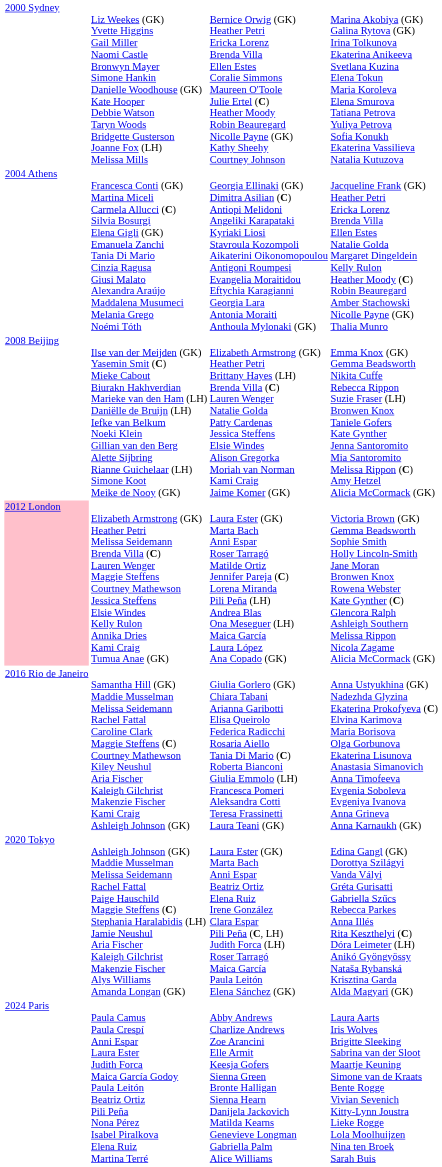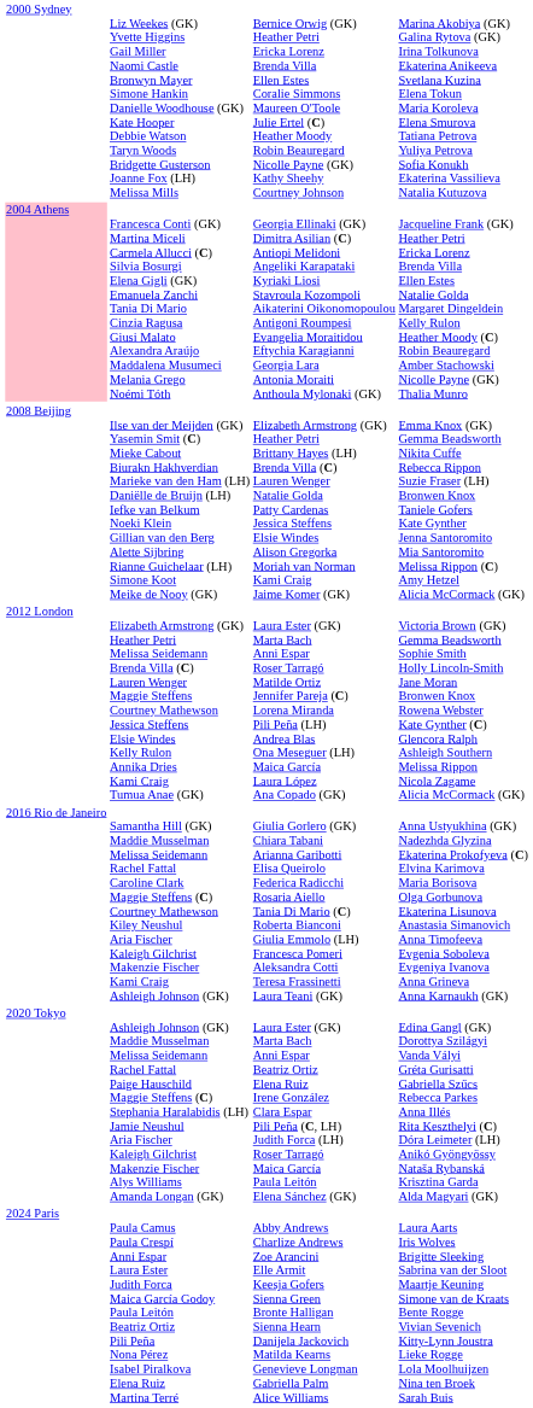 <table>
 <tr valign="top">
 <td><a href='#'>2000 Sydney</a><br></td>
 <td><br><a href='#'>Liz Weekes</a> (GK)<br><a href='#'>Yvette Higgins</a><br><a href='#'>Gail Miller</a><br><a href='#'>Naomi Castle</a><br><a href='#'>Bronwyn Mayer</a><br><a href='#'>Simone Hankin</a><br><a href='#'>Danielle Woodhouse</a> (GK)<br><a href='#'>Kate Hooper</a><br><a href='#'>Debbie Watson</a><br><a href='#'>Taryn Woods</a><br><a href='#'>Bridgette Gusterson</a><br><a href='#'>Joanne Fox</a> (LH)<br><a href='#'>Melissa Mills</a></td>
 <td><br><a href='#'>Bernice Orwig</a> (GK)<br><a href='#'>Heather Petri</a><br><a href='#'>Ericka Lorenz</a><br><a href='#'>Brenda Villa</a><br><a href='#'>Ellen Estes</a><br><a href='#'>Coralie Simmons</a><br><a href='#'>Maureen O'Toole</a><br><a href='#'>Julie Ertel</a> (<strong>C</strong>)<br><a href='#'>Heather Moody</a><br><a href='#'>Robin Beauregard</a><br><a href='#'>Nicolle Payne</a> (GK)<br><a href='#'>Kathy Sheehy</a><br><a href='#'>Courtney Johnson</a></td>
 <td><br><a href='#'>Marina Akobiya</a> (GK)<br><a href='#'>Galina Rytova</a> (GK)<br><a href='#'>Irina Tolkunova</a><br><a href='#'>Ekaterina Anikeeva</a><br><a href='#'>Svetlana Kuzina</a><br><a href='#'>Elena Tokun</a><br><a href='#'>Maria Koroleva</a><br><a href='#'>Elena Smurova</a><br><a href='#'>Tatiana Petrova</a><br><a href='#'>Yuliya Petrova</a><br><a href='#'>Sofia Konukh</a><br><a href='#'>Ekaterina Vassilieva</a><br><a href='#'>Natalia Kutuzova</a></td>
 </tr>
 <tr valign="top">
-<td><a href='#'>2004 Athens</a><br></td>
+<td style="background: pink;"><a href='#'>2004 Athens</a><br></td>
 <td><br><a href='#'>Francesca Conti</a> (GK)<br><a href='#'>Martina Miceli</a><br><a href='#'>Carmela Allucci</a> (<strong>C</strong>)<br><a href='#'>Silvia Bosurgi</a><br><a href='#'>Elena Gigli</a> (GK)<br><a href='#'>Emanuela Zanchi</a><br><a href='#'>Tania Di Mario</a><br><a href='#'>Cinzia Ragusa</a><br><a href='#'>Giusi Malato</a><br><a href='#'>Alexandra Araújo</a><br><a href='#'>Maddalena Musumeci</a><br><a href='#'>Melania Grego</a><br><a href='#'>Noémi Tóth</a></td>
 <td><br><a href='#'>Georgia Ellinaki</a> (GK)<br><a href='#'>Dimitra Asilian</a> (<strong>C</strong>)<br><a href='#'>Antiopi Melidoni</a><br><a href='#'>Angeliki Karapataki</a><br><a href='#'>Kyriaki Liosi</a><br><a href='#'>Stavroula Kozompoli</a><br><a href='#'>Aikaterini Oikonomopoulou</a><br><a href='#'>Antigoni Roumpesi</a><br><a href='#'>Evangelia Moraitidou</a><br><a href='#'>Eftychia Karagianni</a><br><a href='#'>Georgia Lara</a><br><a href='#'>Antonia Moraiti</a><br><a href='#'>Anthoula Mylonaki</a> (GK)</td>
 <td><br><a href='#'>Jacqueline Frank</a> (GK)<br><a href='#'>Heather Petri</a><br><a href='#'>Ericka Lorenz</a><br><a href='#'>Brenda Villa</a><br><a href='#'>Ellen Estes</a><br><a href='#'>Natalie Golda</a><br><a href='#'>Margaret Dingeldein</a><br><a href='#'>Kelly Rulon</a><br><a href='#'>Heather Moody</a> (<strong>C</strong>)<br><a href='#'>Robin Beauregard</a><br><a href='#'>Amber Stachowski</a><br><a href='#'>Nicolle Payne</a> (GK)<br><a href='#'>Thalia Munro</a></td>
 </tr>
 <tr valign="top">
 <td><a href='#'>2008 Beijing</a><br></td>
 <td valign=top><br><a href='#'>Ilse van der Meijden</a> (GK)<br><a href='#'>Yasemin Smit</a> (<strong>C</strong>)<br><a href='#'>Mieke Cabout</a><br><a href='#'>Biurakn Hakhverdian</a><br><a href='#'>Marieke van den Ham</a> (LH)<br><a href='#'>Daniëlle de Bruijn</a> (LH)<br><a href='#'>Iefke van Belkum</a><br><a href='#'>Noeki Klein</a><br><a href='#'>Gillian van den Berg</a><br><a href='#'>Alette Sijbring</a><br><a href='#'>Rianne Guichelaar</a> (LH)<br><a href='#'>Simone Koot</a><br><a href='#'>Meike de Nooy</a> (GK)</td>
 <td><br><a href='#'>Elizabeth Armstrong</a> (GK)<br><a href='#'>Heather Petri</a><br><a href='#'>Brittany Hayes</a> (LH)<br><a href='#'>Brenda Villa</a> (<strong>C</strong>)<br><a href='#'>Lauren Wenger</a><br><a href='#'>Natalie Golda</a><br><a href='#'>Patty Cardenas</a><br><a href='#'>Jessica Steffens</a><br><a href='#'>Elsie Windes</a><br><a href='#'>Alison Gregorka</a><br><a href='#'>Moriah van Norman</a><br><a href='#'>Kami Craig</a><br><a href='#'>Jaime Komer</a> (GK)</td>
 <td><br><a href='#'>Emma Knox</a> (GK)<br><a href='#'>Gemma Beadsworth</a><br><a href='#'>Nikita Cuffe</a><br><a href='#'>Rebecca Rippon</a><br><a href='#'>Suzie Fraser</a> (LH)<br><a href='#'>Bronwen Knox</a><br><a href='#'>Taniele Gofers</a><br><a href='#'>Kate Gynther</a><br><a href='#'>Jenna Santoromito</a><br><a href='#'>Mia Santoromito</a><br><a href='#'>Melissa Rippon</a> (<strong>C</strong>)<br><a href='#'>Amy Hetzel</a><br><a href='#'>Alicia McCormack</a> (GK)</td>
 </tr>
 <tr valign="top">
-<td style="background: pink;"><a href='#'>2012 London</a><br></td>
+<td><a href='#'>2012 London</a><br></td>
 <td><br><a href='#'>Elizabeth Armstrong</a> (GK)<br><a href='#'>Heather Petri</a><br><a href='#'>Melissa Seidemann</a><br><a href='#'>Brenda Villa</a> (<strong>C</strong>)<br><a href='#'>Lauren Wenger</a><br><a href='#'>Maggie Steffens</a><br><a href='#'>Courtney Mathewson</a><br><a href='#'>Jessica Steffens</a><br><a href='#'>Elsie Windes</a><br><a href='#'>Kelly Rulon</a><br><a href='#'>Annika Dries</a><br><a href='#'>Kami Craig</a><br><a href='#'>Tumua Anae</a> (GK)</td>
 <td><br><a href='#'>Laura Ester</a> (GK)<br><a href='#'>Marta Bach</a><br><a href='#'>Anni Espar</a><br><a href='#'>Roser Tarragó</a><br><a href='#'>Matilde Ortiz</a><br><a href='#'>Jennifer Pareja</a> (<strong>C</strong>)<br><a href='#'>Lorena Miranda</a><br><a href='#'>Pili Peña</a> (LH)<br><a href='#'>Andrea Blas</a><br><a href='#'>Ona Meseguer</a> (LH)<br><a href='#'>Maica García</a><br><a href='#'>Laura López</a><br><a href='#'>Ana Copado</a> (GK)</td>
 <td><br><a href='#'>Victoria Brown</a> (GK)<br><a href='#'>Gemma Beadsworth</a><br><a href='#'>Sophie Smith</a><br><a href='#'>Holly Lincoln-Smith</a><br><a href='#'>Jane Moran</a><br><a href='#'>Bronwen Knox</a><br><a href='#'>Rowena Webster</a><br><a href='#'>Kate Gynther</a> (<strong>C</strong>)<br><a href='#'>Glencora Ralph</a><br><a href='#'>Ashleigh Southern</a><br><a href='#'>Melissa Rippon</a><br><a href='#'>Nicola Zagame</a><br><a href='#'>Alicia McCormack</a> (GK)</td>
 </tr>
 <tr valign="top">
 <td><a href='#'>2016 Rio de Janeiro</a><br></td>
 <td><br><a href='#'>Samantha Hill</a> (GK)<br><a href='#'>Maddie Musselman</a><br><a href='#'>Melissa Seidemann</a><br><a href='#'>Rachel Fattal</a><br><a href='#'>Caroline Clark</a><br><a href='#'>Maggie Steffens</a> (<strong>C</strong>)<br><a href='#'>Courtney Mathewson</a><br><a href='#'>Kiley Neushul</a><br><a href='#'>Aria Fischer</a><br><a href='#'>Kaleigh Gilchrist</a><br><a href='#'>Makenzie Fischer</a><br><a href='#'>Kami Craig</a><br><a href='#'>Ashleigh Johnson</a> (GK)</td>
 <td><br><a href='#'>Giulia Gorlero</a> (GK)<br><a href='#'>Chiara Tabani</a><br><a href='#'>Arianna Garibotti</a><br><a href='#'>Elisa Queirolo</a><br><a href='#'>Federica Radicchi</a><br><a href='#'>Rosaria Aiello</a><br><a href='#'>Tania Di Mario</a> (<strong>C</strong>)<br><a href='#'>Roberta Bianconi</a><br><a href='#'>Giulia Emmolo</a> (LH)<br><a href='#'>Francesca Pomeri</a><br><a href='#'>Aleksandra Cotti</a><br><a href='#'>Teresa Frassinetti</a><br><a href='#'>Laura Teani</a> (GK)</td>
 <td><br><a href='#'>Anna Ustyukhina</a> (GK)<br><a href='#'>Nadezhda Glyzina</a><br><a href='#'>Ekaterina Prokofyeva</a> (<strong>C</strong>)<br><a href='#'>Elvina Karimova</a><br><a href='#'>Maria Borisova</a><br><a href='#'>Olga Gorbunova</a><br><a href='#'>Ekaterina Lisunova</a><br><a href='#'>Anastasia Simanovich</a><br><a href='#'>Anna Timofeeva</a><br><a href='#'>Evgenia Soboleva</a><br><a href='#'>Evgeniya Ivanova</a><br><a href='#'>Anna Grineva</a><br><a href='#'>Anna Karnaukh</a> (GK)</td>
 </tr>
 <tr valign="top">
 <td><a href='#'>2020 Tokyo</a><br></td>
 <td><br><a href='#'>Ashleigh Johnson</a> (GK)<br><a href='#'>Maddie Musselman</a><br><a href='#'>Melissa Seidemann</a><br><a href='#'>Rachel Fattal</a><br><a href='#'>Paige Hauschild</a><br><a href='#'>Maggie Steffens</a> (<strong>C</strong>)<br><a href='#'>Stephania Haralabidis</a> (LH)<br><a href='#'>Jamie Neushul</a><br><a href='#'>Aria Fischer</a><br><a href='#'>Kaleigh Gilchrist</a><br><a href='#'>Makenzie Fischer</a><br><a href='#'>Alys Williams</a><br><a href='#'>Amanda Longan</a> (GK)</td>
 <td><br><a href='#'>Laura Ester</a> (GK)<br><a href='#'>Marta Bach</a><br><a href='#'>Anni Espar</a><br><a href='#'>Beatriz Ortiz</a><br><a href='#'>Elena Ruiz</a><br><a href='#'>Irene González</a><br><a href='#'>Clara Espar</a><br><a href='#'>Pili Peña</a> (<strong>C</strong>, LH)<br><a href='#'>Judith Forca</a> (LH)<br><a href='#'>Roser Tarragó</a><br><a href='#'>Maica García</a><br><a href='#'>Paula Leitón</a><br><a href='#'>Elena Sánchez</a> (GK)</td>
 <td><br><a href='#'>Edina Gangl</a> (GK)<br><a href='#'>Dorottya Szilágyi</a><br><a href='#'>Vanda Vályi</a><br><a href='#'>Gréta Gurisatti</a><br><a href='#'>Gabriella Szűcs</a><br><a href='#'>Rebecca Parkes</a><br><a href='#'>Anna Illés</a><br><a href='#'>Rita Keszthelyi</a> (<strong>C</strong>)<br><a href='#'>Dóra Leimeter</a> (LH)<br><a href='#'>Anikó Gyöngyössy</a><br><a href='#'>Nataša Rybanská</a><br><a href='#'>Krisztina Garda</a><br><a href='#'>Alda Magyari</a> (GK)</td>
 </tr>
 <tr valign="top">
 <td><a href='#'>2024 Paris</a><br></td>
 <td><br><a href='#'>Paula Camus</a><br><a href='#'>Paula Crespí</a><br><a href='#'>Anni Espar</a><br><a href='#'>Laura Ester</a><br><a href='#'>Judith Forca</a><br><a href='#'>Maica García Godoy</a><br><a href='#'>Paula Leitón</a><br><a href='#'>Beatriz Ortiz</a><br><a href='#'>Pili Peña</a><br><a href='#'>Nona Pérez</a><br><a href='#'>Isabel Piralkova</a><br><a href='#'>Elena Ruiz</a><br><a href='#'>Martina Terré</a></td>
 <td><br><a href='#'>Abby Andrews</a><br><a href='#'>Charlize Andrews</a><br><a href='#'>Zoe Arancini</a><br><a href='#'>Elle Armit</a><br><a href='#'>Keesja Gofers</a><br><a href='#'>Sienna Green</a><br><a href='#'>Bronte Halligan</a><br><a href='#'>Sienna Hearn</a><br><a href='#'>Danijela Jackovich</a><br><a href='#'>Matilda Kearns</a><br><a href='#'>Genevieve Longman</a><br><a href='#'>Gabriella Palm</a><br><a href='#'>Alice Williams</a></td>
 <td><br><a href='#'>Laura Aarts</a><br><a href='#'>Iris Wolves</a><br><a href='#'>Brigitte Sleeking</a><br><a href='#'>Sabrina van der Sloot</a><br><a href='#'>Maartje Keuning</a><br><a href='#'>Simone van de Kraats</a><br><a href='#'>Bente Rogge</a><br><a href='#'>Vivian Sevenich</a><br><a href='#'>Kitty-Lynn Joustra</a><br><a href='#'>Lieke Rogge</a><br><a href='#'>Lola Moolhuijzen</a><br><a href='#'>Nina ten Broek</a><br><a href='#'>Sarah Buis</a></td>
 </tr>
 </table>
